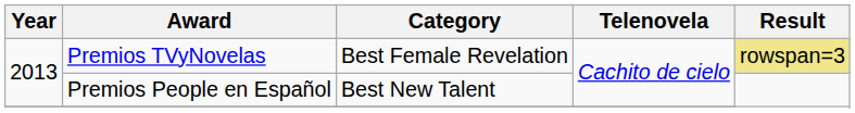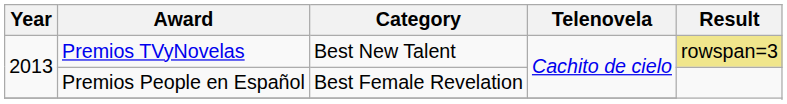 <table class="wikitable">
 <tr>
 <th>Year</th>
 <th>Award</th>
 <th>Category</th>
 <th>Telenovela</th>
 <th>Result</th>
 </tr>
 <tr>
 <td rowspan=2>2013</td>
 <td><a href='#'>Premios TVyNovelas</a></td>
-<td>Best Female Revelation</td>
+<td>Best New Talent</td>
 <td rowspan=2><em><a href='#'>Cachito de cielo</a></em></td>
 <td style="background: khaki;">rowspan=3 </td>
 </tr>
 <tr>
 <td>Premios People en Español</td>
-<td>Best New Talent</td>
+<td>Best Female Revelation</td>
 </tr>
 <tr>
 </tr>
 </table>
